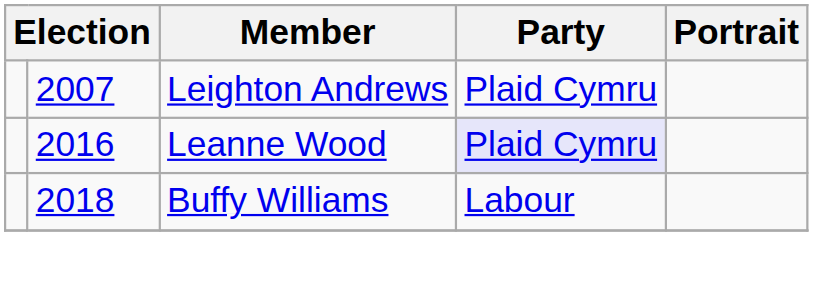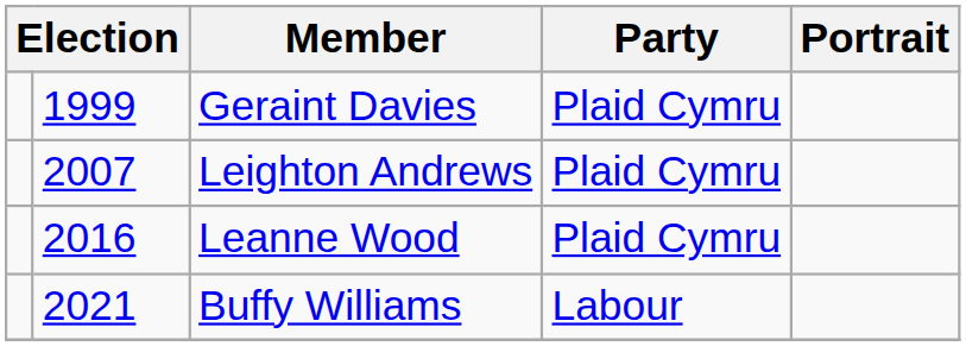 <table class="wikitable">
 <tr>
 <th colspan="2">Election</th>
 <th>Member</th>
 <th>Party</th>
 <th>Portrait</th>
+</tr>
+<tr>
+<td style="background-color: "></td>
+<td><a href='#'>1999</a></td>
+<td><a href='#'>Geraint Davies</a></td>
+<td><a href='#'>Plaid Cymru</a></td>
+<td></td>
 </tr>
 <tr>
 <td style="background-color: "></td>
 <td><a href='#'>2007</a></td>
 <td><a href='#'>Leighton Andrews</a></td>
 <td><a href='#'>Plaid Cymru</a></td>
 <td></td>
 </tr>
 <tr>
 <td style="background-color: "></td>
 <td><a href='#'>2016</a></td>
 <td><a href='#'>Leanne Wood</a></td>
-<td style="background: lavender;"><a href='#'>Plaid Cymru</a></td>
+<td><a href='#'>Plaid Cymru</a></td>
 <td></td>
 </tr>
 <tr>
 <td style="background-color: "></td>
-<td><a href='#'>2018</a></td>
+<td><a href='#'>2021</a></td>
 <td><a href='#'>Buffy Williams</a></td>
 <td><a href='#'>Labour</a></td>
 <td></td>
 </tr>
 <tr>
 </tr>
 </table>
